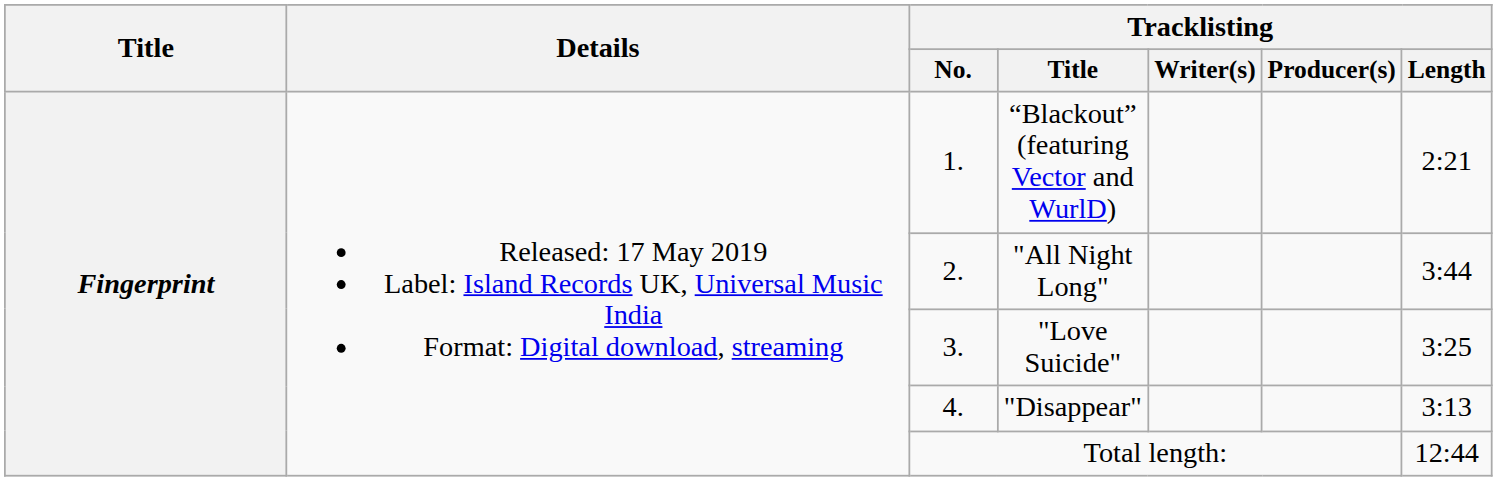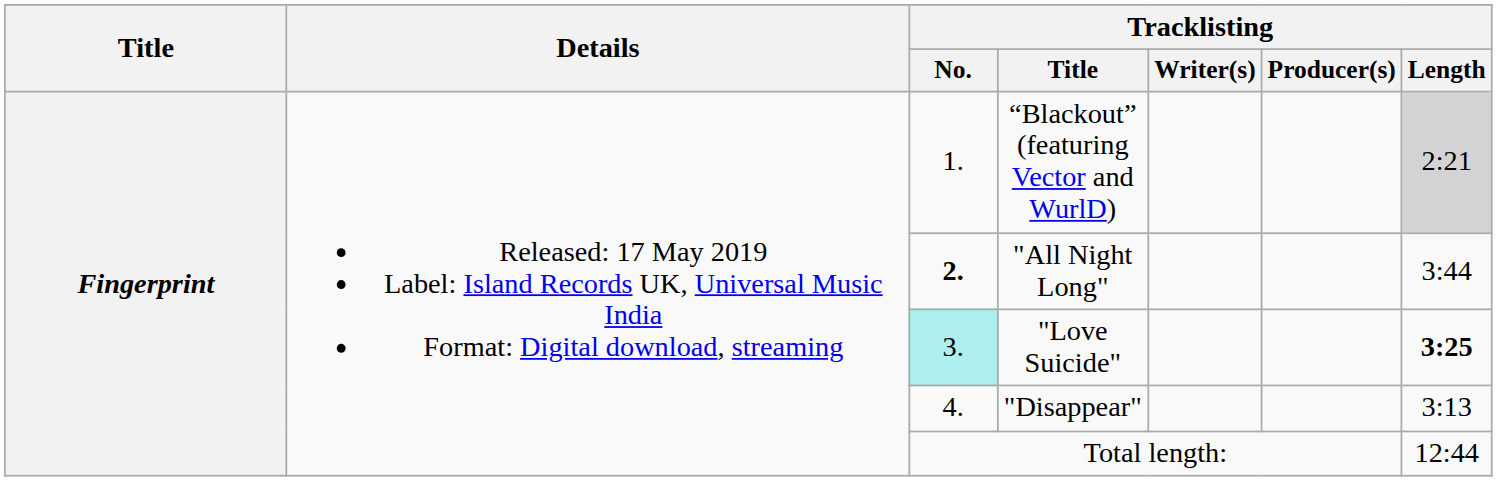 <table class="wikitable plainrowheaders" style="text-align:center;">
 <tr>
 <th rowspan="2" scope="col" style="width:9.5em;">Title</th>
 <th rowspan="2" scope="col" style="width:21.5em;">Details</th>
 <th colspan="5" scope="col">Tracklisting</th>
 </tr>
 <tr>
 <th scope="col" style="width:3em;font-size:90%;">No.</th>
 <th scope="col" style="width:3em;font-size:90%;">Title</th>
 <th scope="col" style="width:3em;font-size:90%;">Writer(s)</th>
 <th scope="col" style="width:3em;font-size:90%;">Producer(s)</th>
 <th scope="col" style="width:3em;font-size:90%;">Length</th>
 </tr>
 <tr>
 <th rowspan="5"><em>Fingerprint</em></th>
 <td rowspan="5"><br><ul><li>Released: 17 May 2019</li><li>Label: <a href='#'>Island Records</a> UK, <a href='#'>Universal Music India</a></li><li>Format: <a href='#'>Digital download</a>, <a href='#'>streaming</a></li></ul></td>
 <td>1.</td>
 <td>“Blackout” (featuring <a href='#'>Vector</a> and <a href='#'>WurlD</a>)</td>
 <td></td>
 <td></td>
-<td>2:21</td>
+<td style="background: lightgrey;">2:21</td>
 </tr>
 <tr>
-<td>2.</td>
+<td><strong>2.</strong></td>
 <td>"All Night Long"</td>
 <td></td>
 <td></td>
 <td>3:44</td>
 </tr>
 <tr>
-<td>3.</td>
+<td style="background: paleturquoise;">3.</td>
 <td>"Love Suicide"</td>
 <td></td>
 <td></td>
-<td>3:25</td>
+<td><strong>3:25</strong></td>
 </tr>
 <tr>
 <td>4.</td>
 <td>"Disappear"</td>
 <td></td>
 <td></td>
 <td>3:13</td>
 </tr>
 <tr>
 <td colspan="4">Total length:</td>
 <td>12:44</td>
 </tr>
 </table>
